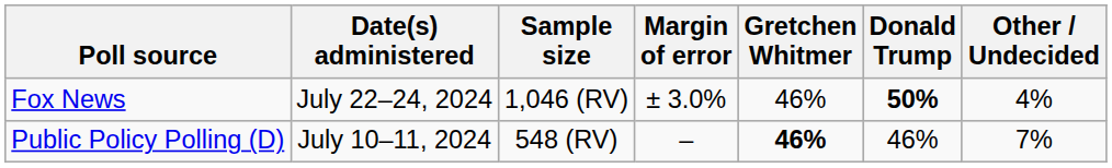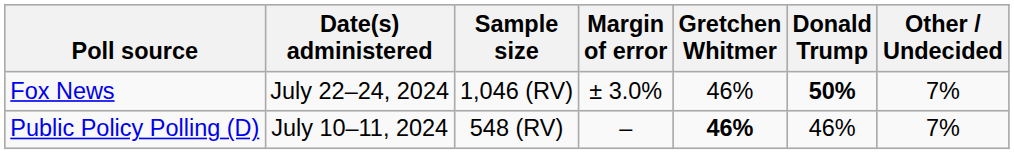 <table class="wikitable sortable mw-datatable" style="font-size:90%;text-align:center;line-height:17px">
 <tr valign=bottom>
 <th>Poll source</th>
 <th>Date(s)<br>administered</th>
 <th>Sample<br>size</th>
 <th>Margin<br>of error</th>
 <th class="unsortable">Gretchen<br>Whitmer<br></th>
 <th class="unsortable">Donald<br>Trump<br></th>
 <th class="unsortable">Other /<br>Undecided</th>
 </tr>
 <tr>
 <td style="text-align:left;"><a href='#'>Fox News</a></td>
 <td data-sort-value="2024-07-26">July 22–24, 2024</td>
 <td>1,046 (RV)</td>
 <td>± 3.0%</td>
 <td>46%</td>
 <td style="background-color:"><strong>50%</strong></td>
-<td>4%</td>
+<td>7%</td>
 </tr>
 <tr>
 <td style="text-align:left;"><a href='#'>Public Policy Polling (D)</a></td>
 <td data-sort-value="2024-07-22">July 10–11, 2024</td>
 <td>548 (RV)</td>
 <td>–</td>
 <td style="color:black;background-color:"><strong>46%</strong></td>
 <td>46%</td>
 <td>7%</td>
 </tr>
 </table>
